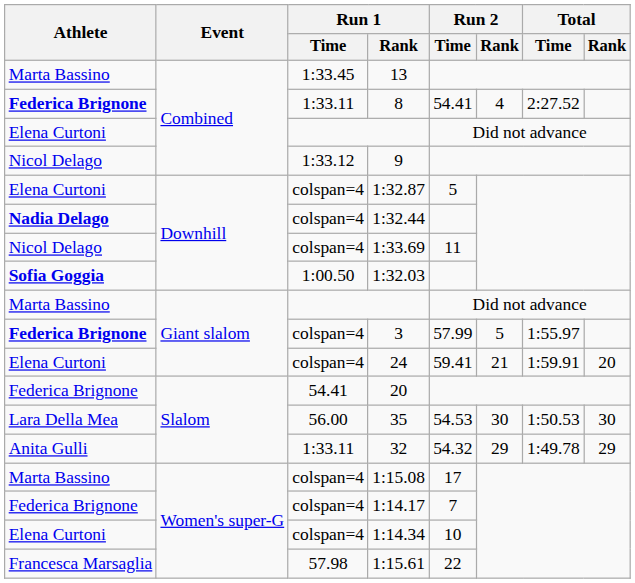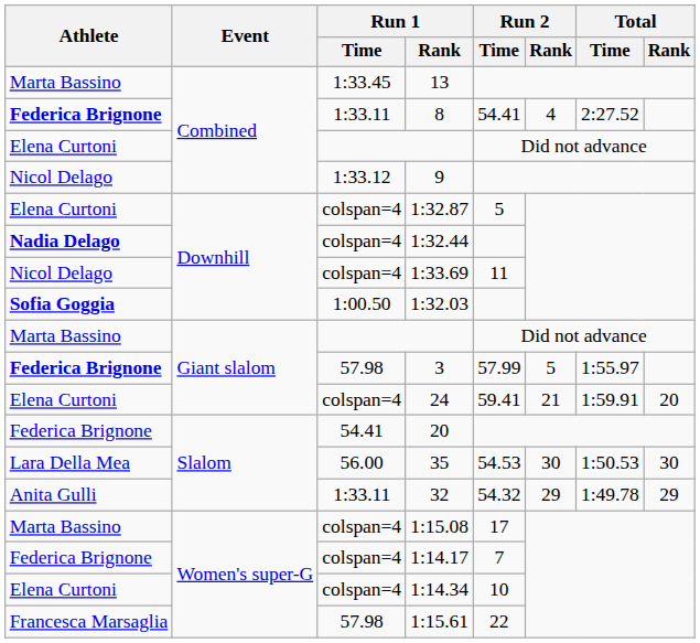 <table class=wikitable style=font-size:90%;text-align:center>
 <tr>
 <th rowspan=2>Athlete</th>
 <th rowspan=2>Event</th>
 <th colspan=2>Run 1</th>
 <th colspan=2>Run 2</th>
 <th colspan=2>Total</th>
 </tr>
 <tr style=font-size:95%>
 <th>Time</th>
 <th>Rank</th>
 <th>Time</th>
 <th>Rank</th>
 <th>Time</th>
 <th>Rank</th>
 </tr>
 <tr>
 <td align=left><a href='#'>Marta Bassino</a></td>
 <td align=left rowspan=4><a href='#'>Combined</a></td>
 <td>1:33.45</td>
 <td>13</td>
 <td colspan=4></td>
 </tr>
 <tr>
 <td align=left><strong><a href='#'>Federica Brignone</a></strong></td>
 <td>1:33.11</td>
 <td>8</td>
 <td>54.41</td>
 <td>4</td>
 <td>2:27.52</td>
 <td></td>
 </tr>
 <tr>
 <td align=left><a href='#'>Elena Curtoni</a></td>
 <td colspan=2></td>
 <td colspan=4>Did not advance</td>
 </tr>
 <tr>
 <td align=left><a href='#'>Nicol Delago</a></td>
 <td>1:33.12</td>
 <td>9</td>
 <td colspan=4></td>
 </tr>
 <tr>
 <td align=left><a href='#'>Elena Curtoni</a></td>
 <td align=left rowspan=4><a href='#'>Downhill</a></td>
 <td>colspan=4 </td>
 <td>1:32.87</td>
 <td>5</td>
 </tr>
 <tr>
 <td align=left><strong><a href='#'>Nadia Delago</a></strong></td>
 <td>colspan=4 </td>
 <td>1:32.44</td>
 <td></td>
 </tr>
 <tr>
 <td align=left><a href='#'>Nicol Delago</a></td>
 <td>colspan=4 </td>
 <td>1:33.69</td>
 <td>11</td>
 </tr>
 <tr>
 <td align=left><strong><a href='#'>Sofia Goggia</a></strong></td>
 <td>1:00.50</td>
 <td>1:32.03</td>
 <td></td>
 </tr>
 <tr>
 <td align=left><a href='#'>Marta Bassino</a></td>
 <td align=left rowspan=3><a href='#'>Giant slalom</a></td>
 <td colspan=2></td>
 <td colspan=4>Did not advance</td>
 </tr>
 <tr>
 <td align=left><strong><a href='#'>Federica Brignone</a></strong></td>
-<td>colspan=4 </td>
+<td>57.98</td>
 <td>3</td>
 <td>57.99</td>
 <td>5</td>
 <td>1:55.97</td>
 <td></td>
 </tr>
 <tr>
 <td align=left><a href='#'>Elena Curtoni</a></td>
 <td>colspan=4 </td>
 <td>24</td>
 <td>59.41</td>
 <td>21</td>
 <td>1:59.91</td>
 <td>20</td>
 </tr>
 <tr>
 <td align=left><a href='#'>Federica Brignone</a></td>
 <td align=left rowspan=3><a href='#'>Slalom</a></td>
 <td>54.41</td>
 <td>20</td>
 <td colspan=4></td>
 </tr>
 <tr>
 <td align=left><a href='#'>Lara Della Mea</a></td>
 <td>56.00</td>
 <td>35</td>
 <td>54.53</td>
 <td>30</td>
 <td>1:50.53</td>
 <td>30</td>
 </tr>
 <tr>
 <td align=left><a href='#'>Anita Gulli</a></td>
 <td>1:33.11</td>
 <td>32</td>
 <td>54.32</td>
 <td>29</td>
 <td>1:49.78</td>
 <td>29</td>
 </tr>
 <tr>
 <td align=left><a href='#'>Marta Bassino</a></td>
 <td align=left rowspan=4><a href='#'>Women's super-G</a></td>
 <td>colspan=4 </td>
 <td>1:15.08</td>
 <td>17</td>
 </tr>
 <tr>
 <td align=left><a href='#'>Federica Brignone</a></td>
 <td>colspan=4 </td>
 <td>1:14.17</td>
 <td>7</td>
 </tr>
 <tr>
 <td align=left><a href='#'>Elena Curtoni</a></td>
 <td>colspan=4 </td>
 <td>1:14.34</td>
 <td>10</td>
 </tr>
 <tr>
 <td align=left><a href='#'>Francesca Marsaglia</a></td>
 <td>57.98</td>
 <td>1:15.61</td>
 <td>22</td>
 </tr>
 </table>
